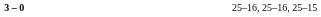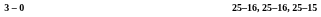 <table width=100% cellspacing=1>
 <tr>
 <th width=20%></th>
 <th width=12%></th>
 <th width=20%></th>
 <th width=33%></th>
 <td></td>
 </tr>
 <tr style=font-size:95%>
 <td align=right><strong></strong></td>
 <td align=center><strong>3 – 0</strong></td>
 <td></td>
-<td>25–16, 25–16, 25–15</td>
+<td><strong>25–16, 25–16, 25–15</strong></td>
 </tr>
 </table>
